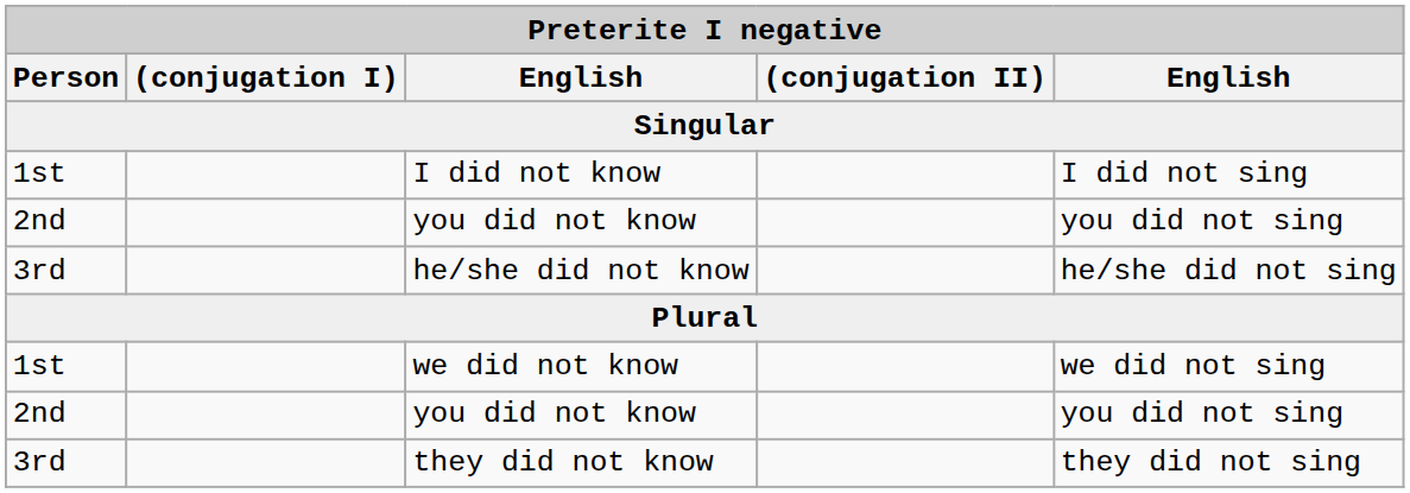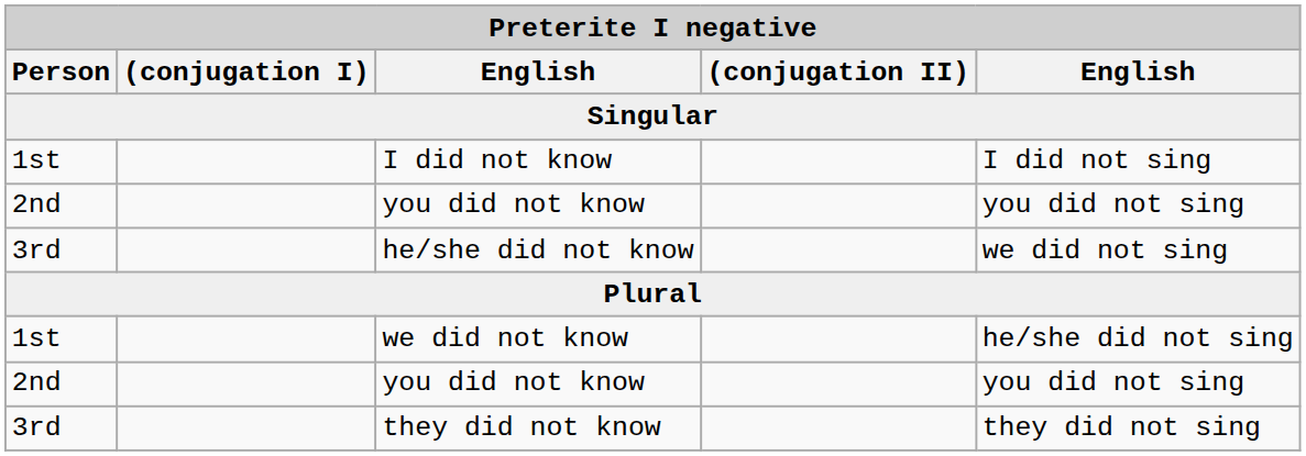 <table class="wikitable">
 <tr>
 <th colspan="5" style="background:#cfcfcf;">Preterite I negative</th>
 </tr>
 <tr style="background:#dfdfdf;" |>
 <th>Person</th>
 <th> (conjugation I)</th>
 <th>English</th>
 <th> (conjugation II)</th>
 <th>English</th>
 </tr>
 <tr>
 <th colspan="5" style="background:#efefef">Singular</th>
 </tr>
 <tr>
 <td>1st</td>
 <td></td>
 <td>I did not know</td>
 <td></td>
 <td>I did not sing</td>
 </tr>
 <tr>
 <td>2nd</td>
 <td></td>
 <td>you did not know</td>
 <td></td>
 <td>you did not sing</td>
 </tr>
 <tr>
 <td>3rd</td>
 <td></td>
 <td>he/she did not know</td>
 <td></td>
-<td>he/she did not sing</td>
+<td>we did not sing</td>
 </tr>
 <tr>
 <th colspan="5" style="background:#efefef">Plural</th>
 </tr>
 <tr>
 <td>1st</td>
 <td></td>
 <td>we did not know</td>
 <td></td>
-<td>we did not sing</td>
+<td>he/she did not sing</td>
 </tr>
 <tr>
 <td>2nd</td>
 <td></td>
 <td>you did not know</td>
 <td></td>
 <td>you did not sing</td>
 </tr>
 <tr>
 <td>3rd</td>
 <td></td>
 <td>they did not know</td>
 <td></td>
 <td>they did not sing</td>
 </tr>
 </table>
